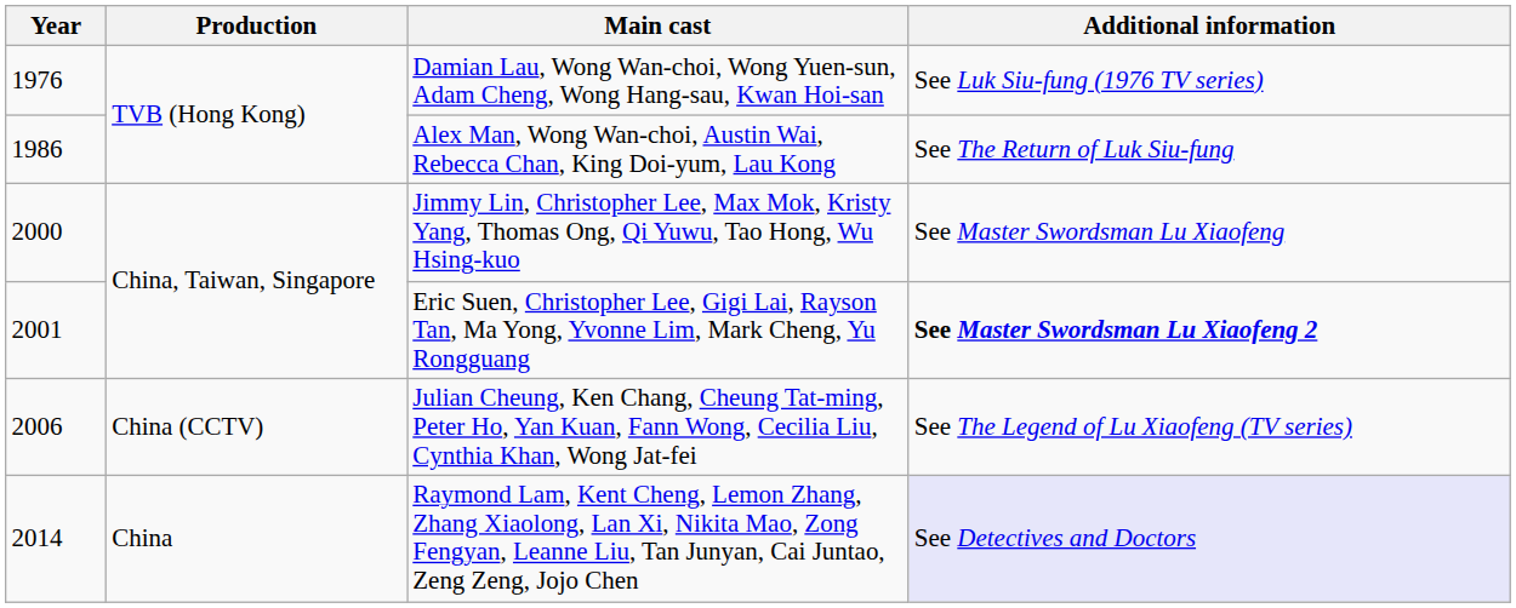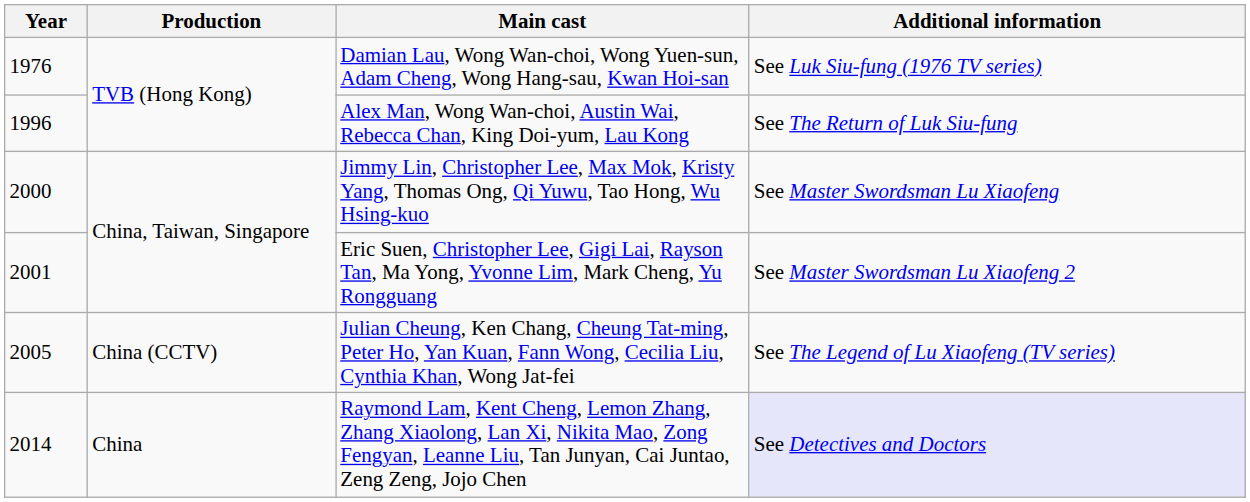 <table class="wikitable" width=75%>
 <tr>
 <th width=5%>Year</th>
 <th width=15%>Production</th>
 <th width=25%>Main cast</th>
 <th width=30%>Additional information</th>
 </tr>
 <tr>
 <td>1976</td>
 <td rowspan=2><a href='#'>TVB</a> (Hong Kong)</td>
 <td><a href='#'>Damian Lau</a>, Wong Wan-choi, Wong Yuen-sun, <a href='#'>Adam Cheng</a>, Wong Hang-sau, <a href='#'>Kwan Hoi-san</a></td>
 <td>See <em><a href='#'>Luk Siu-fung (1976 TV series)</a></em></td>
 </tr>
 <tr>
-<td>1986</td>
+<td>1996</td>
 <td><a href='#'>Alex Man</a>, Wong Wan-choi, <a href='#'>Austin Wai</a>, <a href='#'>Rebecca Chan</a>, King Doi-yum, <a href='#'>Lau Kong</a></td>
 <td>See <em><a href='#'>The Return of Luk Siu-fung</a></em></td>
 </tr>
 <tr>
 <td>2000</td>
 <td rowspan=2>China, Taiwan, Singapore</td>
 <td><a href='#'>Jimmy Lin</a>, <a href='#'>Christopher Lee</a>, <a href='#'>Max Mok</a>, <a href='#'>Kristy Yang</a>, Thomas Ong, <a href='#'>Qi Yuwu</a>, Tao Hong, <a href='#'>Wu Hsing-kuo</a></td>
 <td>See <em><a href='#'>Master Swordsman Lu Xiaofeng</a></em></td>
 </tr>
 <tr>
 <td>2001</td>
 <td>Eric Suen, <a href='#'>Christopher Lee</a>, <a href='#'>Gigi Lai</a>, <a href='#'>Rayson Tan</a>, Ma Yong, <a href='#'>Yvonne Lim</a>, Mark Cheng, <a href='#'>Yu Rongguang</a></td>
-<td><strong>See <em><a href='#'>Master Swordsman Lu Xiaofeng 2</a></em></strong></td>
+<td>See <em><a href='#'>Master Swordsman Lu Xiaofeng 2</a></em></td>
 </tr>
 <tr>
-<td>2006</td>
+<td>2005</td>
 <td>China (CCTV)</td>
 <td><a href='#'>Julian Cheung</a>, Ken Chang, <a href='#'>Cheung Tat-ming</a>, <a href='#'>Peter Ho</a>, <a href='#'>Yan Kuan</a>, <a href='#'>Fann Wong</a>, <a href='#'>Cecilia Liu</a>, <a href='#'>Cynthia Khan</a>, Wong Jat-fei</td>
 <td>See <em><a href='#'>The Legend of Lu Xiaofeng (TV series)</a></em></td>
 </tr>
 <tr>
 <td>2014</td>
 <td>China</td>
 <td><a href='#'>Raymond Lam</a>, <a href='#'>Kent Cheng</a>, <a href='#'>Lemon Zhang</a>, <a href='#'>Zhang Xiaolong</a>, <a href='#'>Lan Xi</a>, <a href='#'>Nikita Mao</a>, <a href='#'>Zong Fengyan</a>, <a href='#'>Leanne Liu</a>, Tan Junyan, Cai Juntao, Zeng Zeng, Jojo Chen</td>
 <td style="background: lavender;">See <em><a href='#'>Detectives and Doctors</a></em></td>
 </tr>
 </table>
